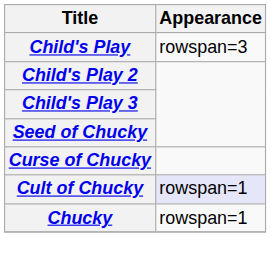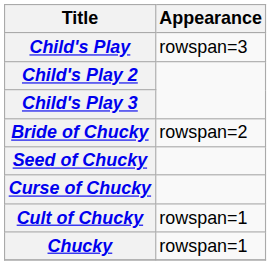 <table class="wikitable plainrowheaders">
 <tr>
 <th scope=col>Title</th>
 <th scope=col>Appearance</th>
 </tr>
 <tr>
 <th scope=row><em><a href='#'>Child's Play</a></em></th>
 <td>rowspan=3 </td>
 </tr>
 <tr>
 <th scope=row><em><a href='#'>Child's Play 2</a></em></th>
 </tr>
 <tr>
 <th scope=row><em><a href='#'>Child's Play 3</a></em></th>
 </tr>
 <tr>
+<th scope=row><em><a href='#'>Bride of Chucky</a></em></th>
+<td>rowspan=2 </td>
+</tr>
+<tr>
 <th scope=row><em><a href='#'>Seed of Chucky</a></em></th>
 </tr>
 <tr>
 <th scope=row><em><a href='#'>Curse of Chucky</a></em></th>
 <td></td>
 </tr>
 <tr>
 <th scope=row><em><a href='#'>Cult of Chucky</a></em></th>
-<td style="background: lavender;">rowspan=1 </td>
+<td>rowspan=1 </td>
 </tr>
 <tr>
 <th scope=row><a href='#'><em>Chucky</em></a></th>
 <td>rowspan=1 </td>
 </tr>
 <tr>
 </tr>
 </table>
